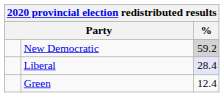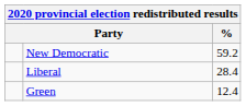 <table class="wikitable">
 <tr>
 <th colspan="4"><a href='#'>2020 provincial election</a> redistributed results</th>
 </tr>
 <tr>
 <th bgcolor="#DDDDFF" width="130px" colspan="2">Party</th>
 <th bgcolor="#DDDDFF" width="30px">%</th>
 </tr>
 <tr>
 <td> </td>
 <td><a href='#'>New Democratic</a></td>
-<td align=right style="background: lightgrey;">59.2</td>
+<td align=right>59.2</td>
 </tr>
 <tr>
 <td> </td>
 <td><a href='#'>Liberal</a></td>
-<td align=right style="background: lavender;">28.4</td>
+<td align=right>28.4</td>
 </tr>
 <tr>
 <td> </td>
 <td><a href='#'>Green</a></td>
 <td align=right>12.4</td>
 </tr>
 </table>
